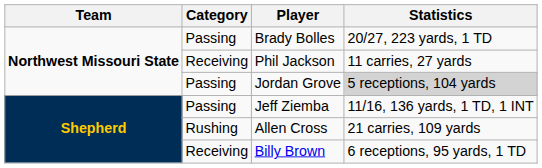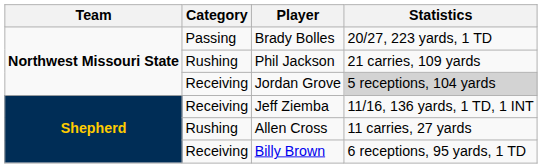 <table class="wikitable" style="float: right;">
 <tr>
 <th>Team</th>
 <th>Category</th>
 <th>Player</th>
 <th>Statistics</th>
 </tr>
 <tr>
 <td rowspan=3><strong>Northwest Missouri State</strong></td>
 <td>Passing</td>
 <td>Brady Bolles</td>
 <td>20/27, 223 yards, 1 TD</td>
 </tr>
 <tr>
-<td>Receiving</td>
+<td>Rushing</td>
 <td>Phil Jackson</td>
-<td>11 carries, 27 yards</td>
+<td>21 carries, 109 yards</td>
 </tr>
 <tr>
-<td>Passing</td>
+<td>Receiving</td>
 <td>Jordan Grove</td>
 <td style="background: lightgrey;">5 receptions, 104 yards</td>
 </tr>
 <tr>
 <td rowspan=3 style="background:#002D56; color:#FFCC00; text-align:center;"><strong>Shepherd</strong></td>
-<td>Passing</td>
+<td>Receiving</td>
 <td>Jeff Ziemba</td>
 <td>11/16, 136 yards, 1 TD, 1 INT</td>
 </tr>
 <tr>
 <td>Rushing</td>
 <td>Allen Cross</td>
-<td>21 carries, 109 yards</td>
+<td>11 carries, 27 yards</td>
 </tr>
 <tr>
 <td>Receiving</td>
 <td><a href='#'>Billy Brown</a></td>
 <td>6 receptions, 95 yards, 1 TD</td>
 </tr>
 </table>
